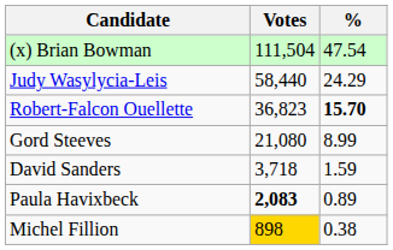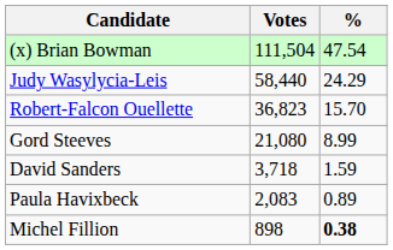 <table class="wikitable sortable">
 <tr>
 </tr>
 <tr>
 <th bgcolor="#DDDDFF" width="200px">Candidate</th>
 <th bgcolor="#DDDDFF" width="50px">Votes</th>
 <th bgcolor="#DDDDFF" width="50px">%</th>
 </tr>
 <tr style="text-align:left; background:#cfc;">
 <td>(x) Brian Bowman</td>
 <td>111,504</td>
 <td>47.54</td>
 </tr>
 <tr>
 <td><a href='#'>Judy Wasylycia-Leis</a></td>
 <td>58,440</td>
 <td>24.29</td>
 </tr>
 <tr>
 <td><a href='#'>Robert-Falcon Ouellette</a></td>
 <td>36,823</td>
-<td><strong>15.70</strong></td>
+<td>15.70</td>
 </tr>
 <tr>
 <td>Gord Steeves</td>
 <td>21,080</td>
 <td>8.99</td>
 </tr>
 <tr>
 <td>David Sanders</td>
 <td>3,718</td>
 <td>1.59</td>
 </tr>
 <tr>
 <td>Paula Havixbeck</td>
-<td><strong>2,083</strong></td>
+<td>2,083</td>
 <td>0.89</td>
 </tr>
 <tr>
 <td>Michel Fillion</td>
-<td style="background: gold;">898</td>
-<td>0.38</td>
+<td>898</td>
+<td><strong>0.38</strong></td>
 </tr>
 </table>
